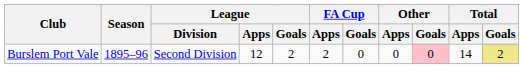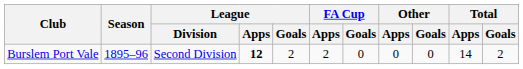 <table class="wikitable" style="text-align:center">
 <tr>
 <th rowspan="2">Club</th>
 <th rowspan="2">Season</th>
 <th colspan="3">League</th>
 <th colspan="2"><a href='#'>FA Cup</a></th>
 <th colspan="2">Other</th>
 <th colspan="2">Total</th>
 </tr>
 <tr>
 <th>Division</th>
 <th>Apps</th>
 <th>Goals</th>
 <th>Apps</th>
 <th>Goals</th>
 <th>Apps</th>
 <th>Goals</th>
 <th>Apps</th>
 <th>Goals</th>
 </tr>
 <tr>
 <td><a href='#'>Burslem Port Vale</a></td>
 <td><a href='#'>1895–96</a></td>
 <td><a href='#'>Second Division</a></td>
-<td>12</td>
+<td><strong>12</strong></td>
 <td>2</td>
 <td>2</td>
 <td>0</td>
 <td>0</td>
-<td style="background: pink;">0</td>
+<td>0</td>
 <td>14</td>
-<td style="background: khaki;">2</td>
+<td>2</td>
 </tr>
 </table>
